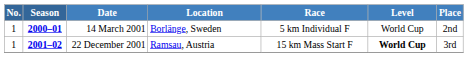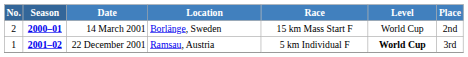 <table class="wikitable sortable" style="font-size:95%; text-align:center; border:grey solid 1px; border-collapse:collapse; background:#ffffff;">
 <tr style="background:#efefef;">
 <th style="background-color:#369; color:white;">No.</th>
 <th style="background-color:#369; color:white;">Season</th>
 <th style="background-color:#4180be; color:white; width:120px;">Date</th>
 <th style="background-color:#4180be; color:white; width:170px;">Location</th>
 <th style="background-color:#4180be; color:white; width:160px;">Race</th>
 <th style="background-color:#4180be; color:white; width:100px;">Level</th>
 <th style="background-color:#4180be; color:white;">Place</th>
 </tr>
 <tr>
-<td align=center>1</td>
+<td align=center>2</td>
 <td rowspan=1 align=center><strong> <a href='#'>2000–01</a> </strong></td>
 <td align=right>14 March 2001</td>
 <td align=left> <a href='#'>Borlänge</a>, Sweden</td>
-<td>5 km Individual F</td>
+<td>15 km Mass Start F</td>
 <td>World Cup</td>
 <td>2nd</td>
 </tr>
 <tr>
 <td align=center>1</td>
 <td rowspan=1 align=center><strong> <a href='#'>2001–02</a> </strong></td>
 <td align=right>22 December 2001</td>
 <td align=left> <a href='#'>Ramsau</a>, Austria</td>
-<td>15 km Mass Start F</td>
+<td>5 km Individual F</td>
 <td><strong>World Cup</strong></td>
 <td>3rd</td>
 </tr>
 <tr>
 </tr>
 </table>
